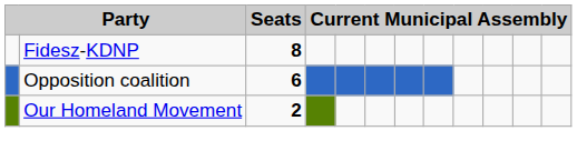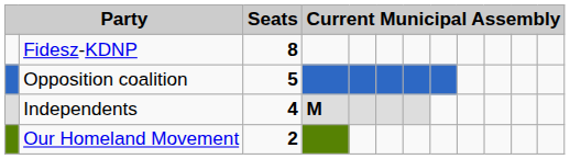 <table class="wikitable">
 <tr>
 <th style="background:#ccc" colspan="2">Party</th>
 <th style="background:#ccc">Seats</th>
 <th style="background:#ccc" colspan="9">Current Municipal Assembly</th>
 </tr>
 <tr>
 <td style="background-color: "> </td>
 <td><a href='#'>Fidesz</a>-<a href='#'>KDNP</a></td>
 <td style="text-align: right"><strong>8</strong></td>
 <td style="background-color: "> </td>
 <td style="background-color: "> </td>
 <td style="background-color: "> </td>
 <td style="background-color: "> </td>
 <td style="background-color: "> </td>
 <td style="background-color: "> </td>
 <td style="background-color: "> </td>
 <td style="background-color: "> </td>
 <td> </td>
 </tr>
 <tr>
 <td style="background-color: #2D68C4  "> </td>
 <td>Opposition coalition</td>
-<td style="text-align: right"><strong>6</strong></td>
+<td style="text-align: right"><strong>5</strong></td>
 <td style="background-color: #2D68C4 "> </td>
 <td style="background-color: #2D68C4 "> </td>
 <td style="background-color: #2D68C4 "> </td>
 <td style="background-color: #2D68C4 "> </td>
 <td style="background-color: #2D68C4 "> </td>
+<td></td>
+<td></td>
+<td></td>
+<td></td>
+</tr>
+<tr>
+<td style="background-color: #DDDDDD  "> </td>
+<td>Independents</td>
+<td style="text-align: right"><strong>4</strong></td>
+<td style="background-color: #DDDDDD "><span><strong>M</strong></span></td>
+<td style="background-color: #DDDDDD "> </td>
+<td style="background-color: #DDDDDD "> </td>
+<td style="background-color: #DDDDDD "> </td>
+<td></td>
 <td></td>
 <td></td>
 <td></td>
 <td></td>
 </tr>
 <tr>
 <td style="background-color: #568203"> </td>
 <td><a href='#'>Our Homeland Movement</a></td>
 <td style="text-align: right"><strong>2</strong></td>
 <td style="background-color: #568203"> </td>
 <td> </td>
 <td> </td>
 <td> </td>
 <td> </td>
 <td> </td>
 <td> </td>
 <td> </td>
 <td> </td>
 </tr>
 </table>
